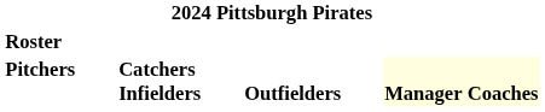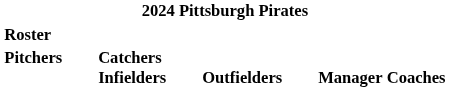 <table class="toccolours" style="font-size: 95%;">
 <tr>
 <th colspan="10"><strong>2024 Pittsburgh Pirates</strong></th>
 </tr>
 <tr>
 <td colspan="10"><strong>Roster</strong></td>
 </tr>
 <tr>
 <td valign="top"><strong>Pitchers</strong><br>                              </td>
 <td style="width:25px;"></td>
 <td valign="top"><strong>Catchers</strong><br>     <strong>Infielders</strong>          </td>
 <td style="width:25px;"></td>
 <td valign="top"><br><strong>Outfielders</strong>          </td>
 <td style="width:25px;"></td>
-<td valign="top" style="background: lightyellow;"><br><strong>Manager</strong>  <strong>Coaches</strong>                           </td>
+<td valign="top"><br><strong>Manager</strong>  <strong>Coaches</strong>                           </td>
 </tr>
 </table>
